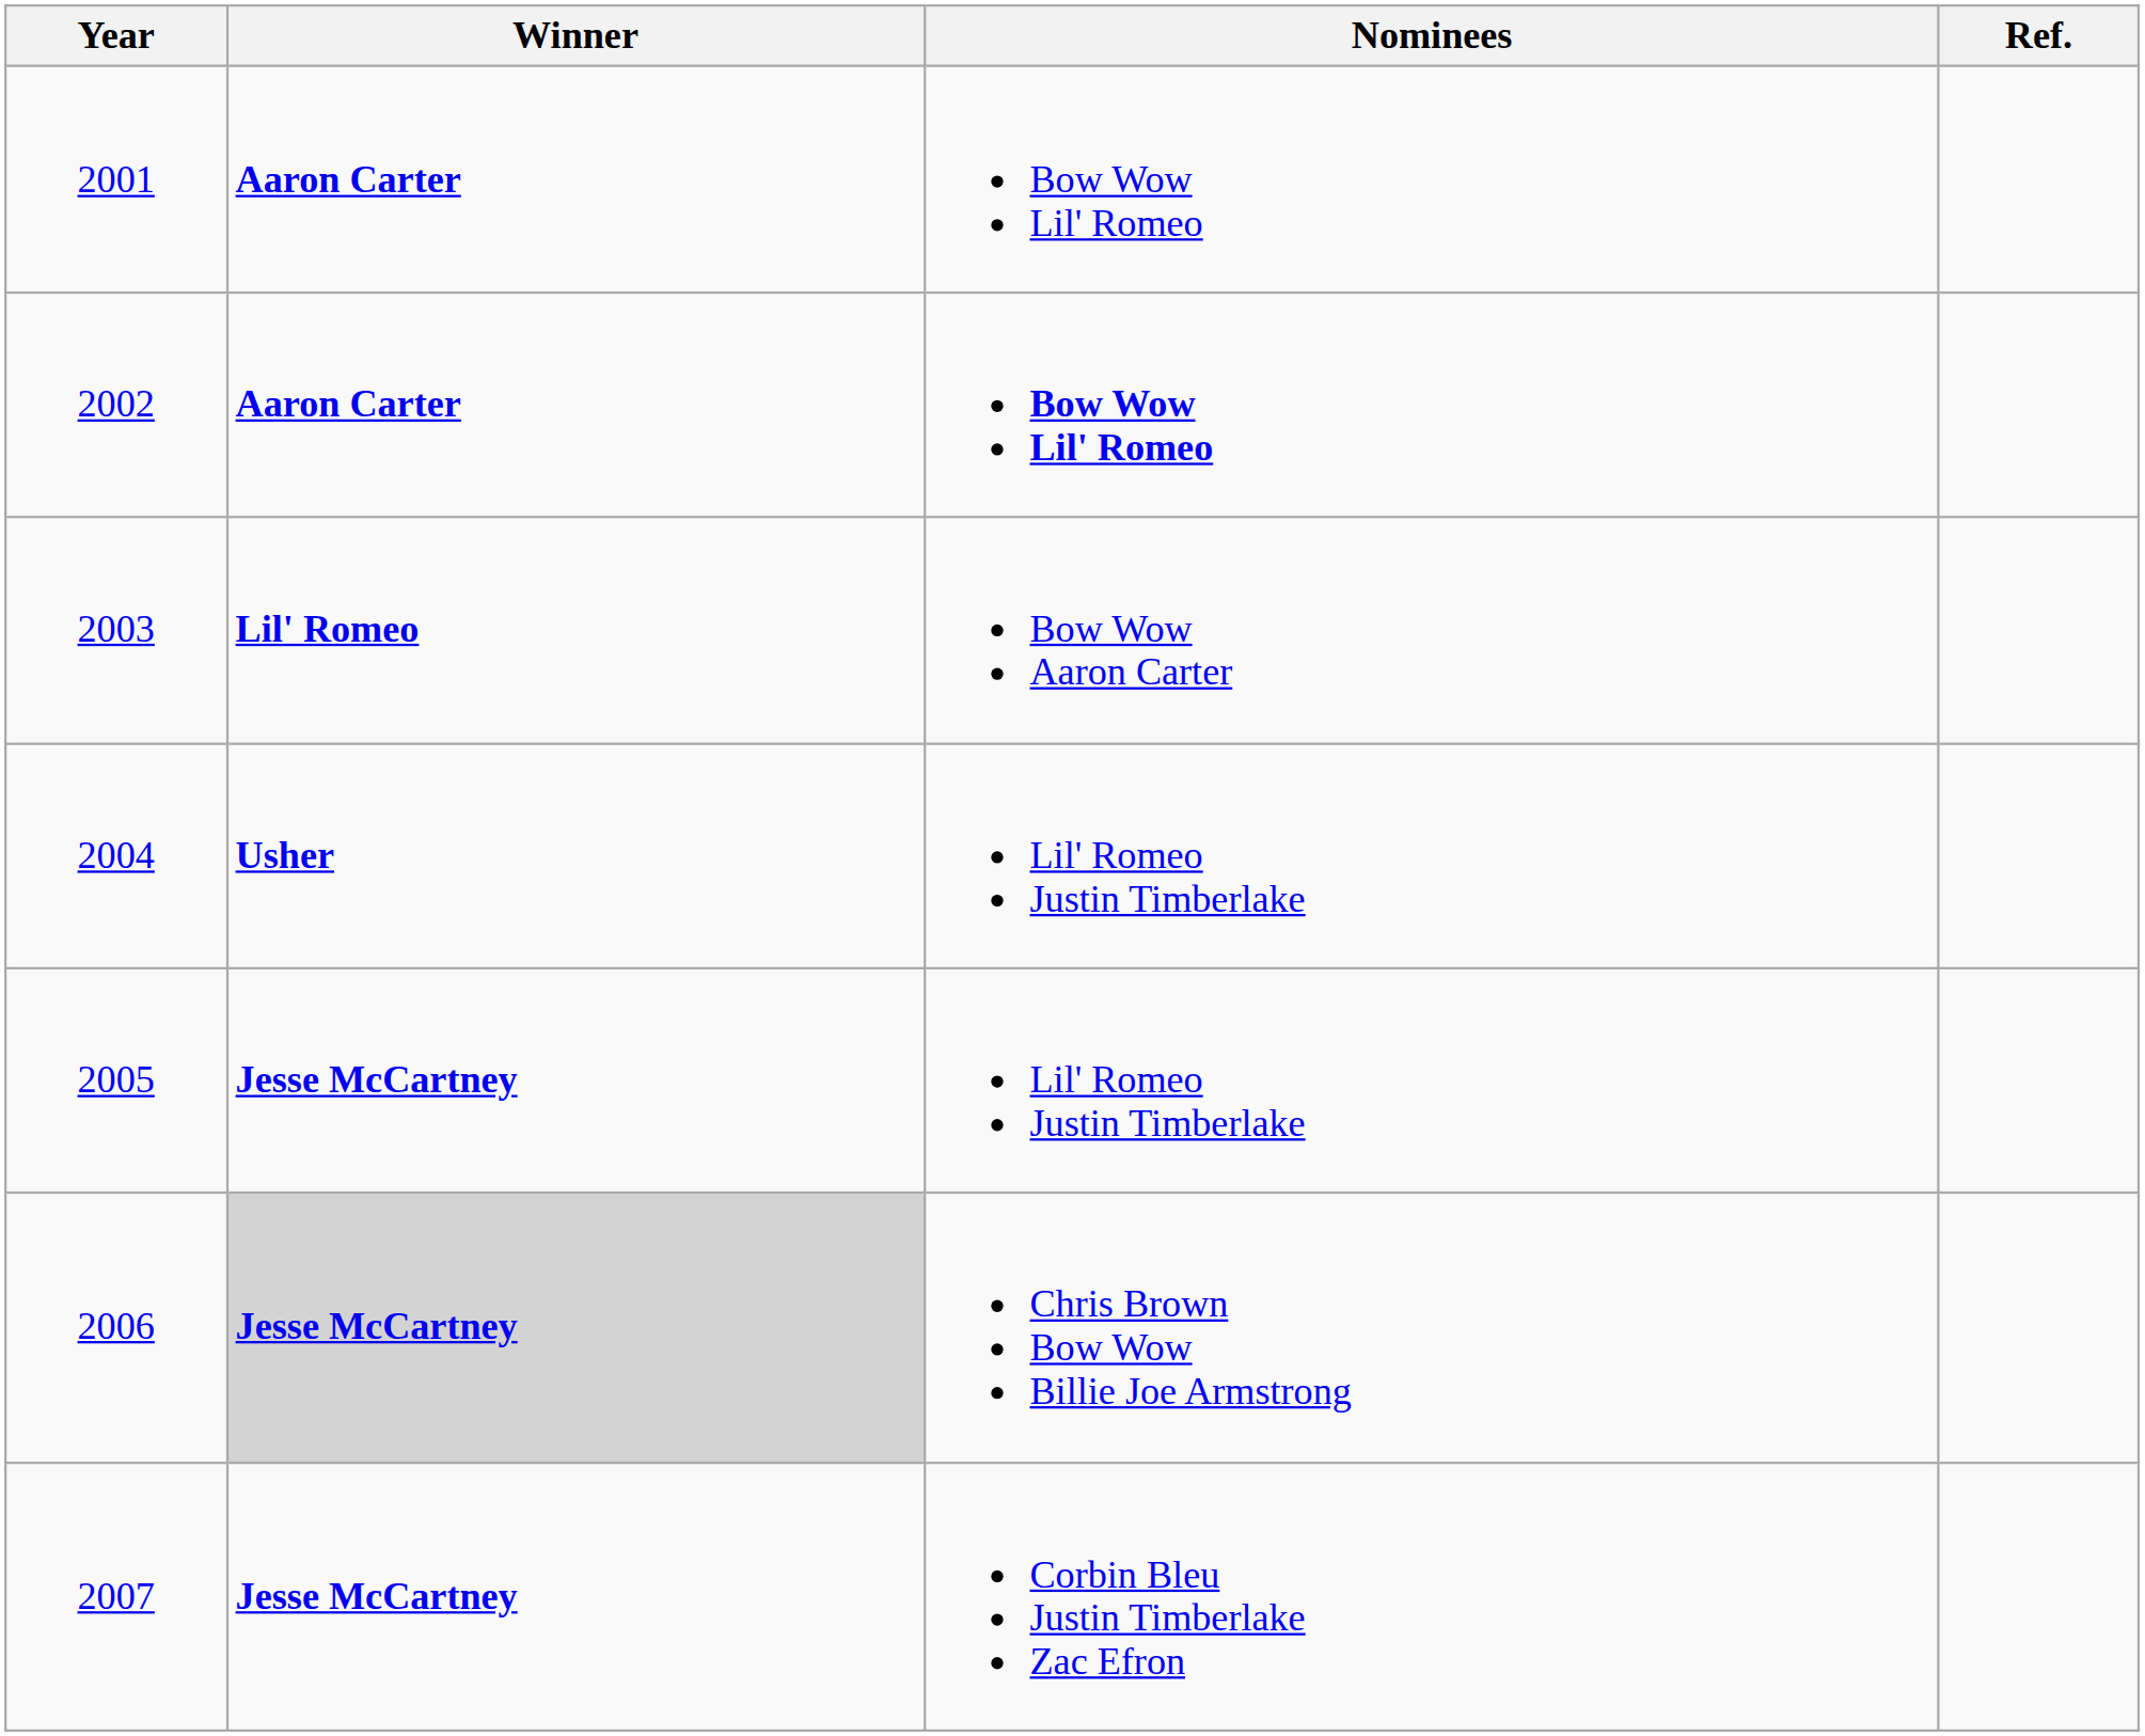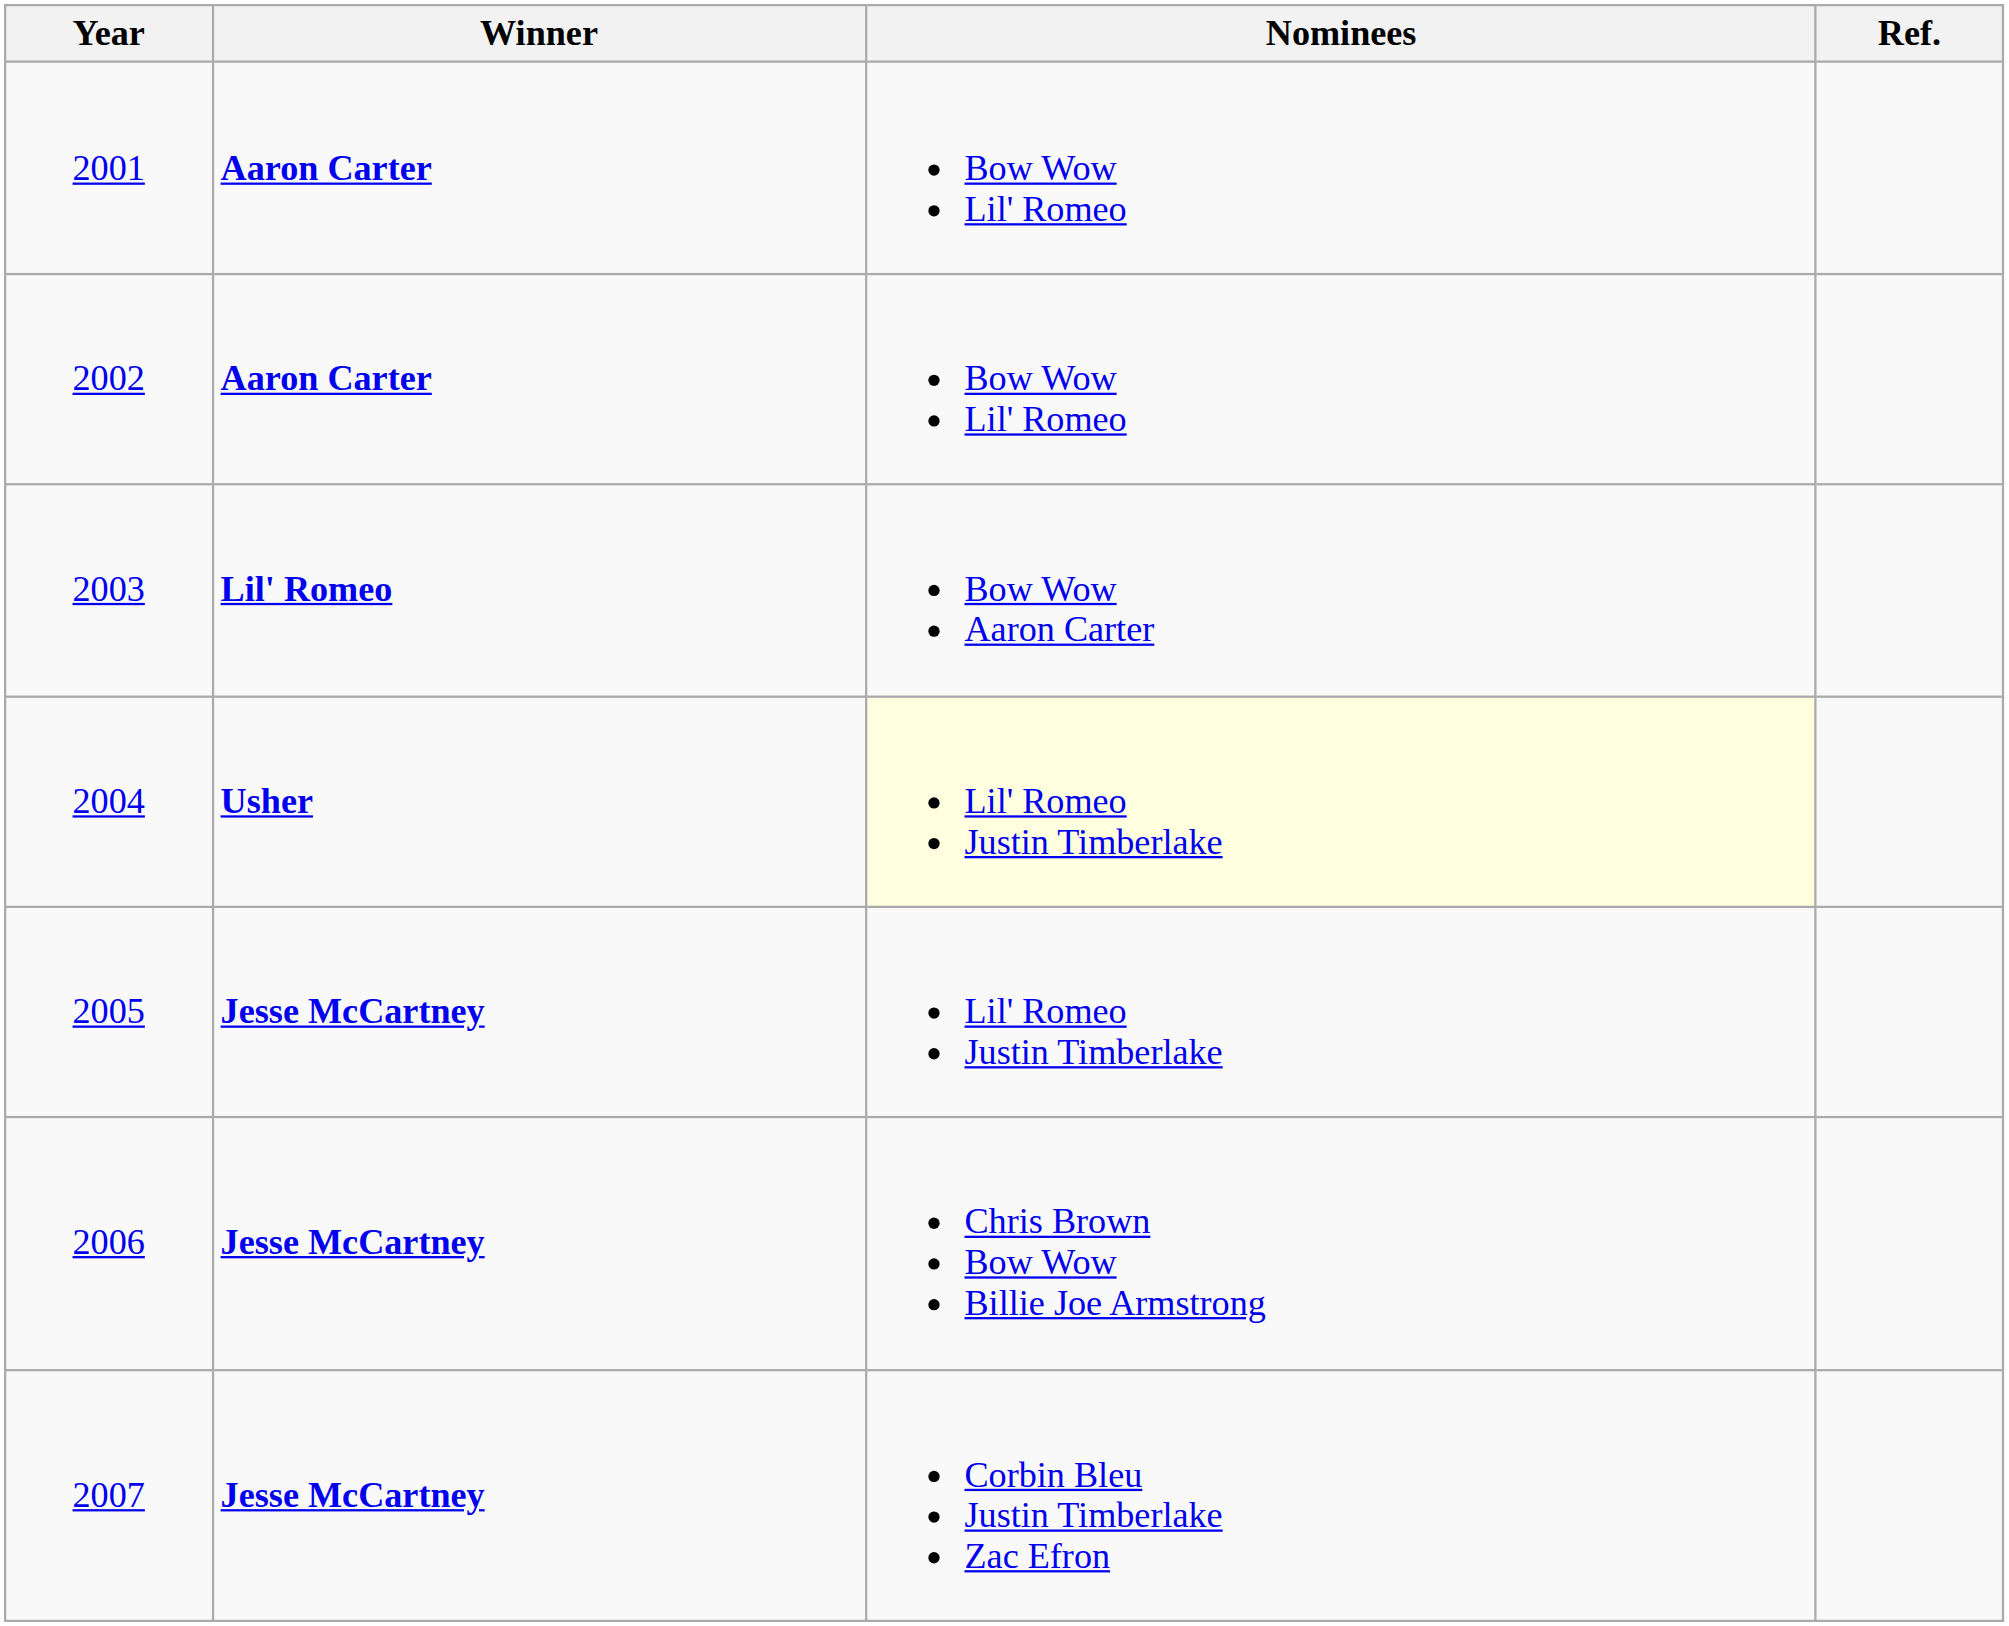 <table class="wikitable" width=70%>
 <tr>
 <th>Year</th>
 <th>Winner</th>
 <th>Nominees</th>
 <th>Ref.</th>
 </tr>
 <tr>
 <td align="center"><a href='#'>2001</a></td>
 <td><strong><a href='#'>Aaron Carter</a></strong></td>
 <td><br><ul><li><a href='#'>Bow Wow</a></li><li><a href='#'>Lil' Romeo</a></li></ul></td>
 <td align="center"></td>
 </tr>
 <tr>
 <td align="center"><a href='#'>2002</a></td>
 <td><strong><a href='#'>Aaron Carter</a></strong></td>
-<td><strong><br><ul><li><a href='#'>Bow Wow</a></li><li><a href='#'>Lil' Romeo</a></li></ul></strong></td>
+<td><br><ul><li><a href='#'>Bow Wow</a></li><li><a href='#'>Lil' Romeo</a></li></ul></td>
 <td align="center"></td>
 </tr>
 <tr>
 <td align="center"><a href='#'>2003</a></td>
 <td><strong><a href='#'>Lil' Romeo</a></strong></td>
 <td><br><ul><li><a href='#'>Bow Wow</a></li><li><a href='#'>Aaron Carter</a></li></ul></td>
 <td align="center"></td>
 </tr>
 <tr>
 <td align="center"><a href='#'>2004</a></td>
 <td><strong><a href='#'>Usher</a></strong></td>
-<td><br><ul><li><a href='#'>Lil' Romeo</a></li><li><a href='#'>Justin Timberlake</a></li></ul></td>
+<td style="background: lightyellow;"><br><ul><li><a href='#'>Lil' Romeo</a></li><li><a href='#'>Justin Timberlake</a></li></ul></td>
 <td align="center"></td>
 </tr>
 <tr>
 <td align="center"><a href='#'>2005</a></td>
 <td><strong><a href='#'>Jesse McCartney</a></strong></td>
 <td><br><ul><li><a href='#'>Lil' Romeo</a></li><li><a href='#'>Justin Timberlake</a></li></ul></td>
 <td align="center"></td>
 </tr>
 <tr>
 <td align="center"><a href='#'>2006</a></td>
-<td style="background: lightgrey;"><strong><a href='#'>Jesse McCartney</a></strong></td>
+<td><strong><a href='#'>Jesse McCartney</a></strong></td>
 <td><br><ul><li><a href='#'>Chris Brown</a></li><li><a href='#'>Bow Wow</a></li><li><a href='#'>Billie Joe Armstrong</a></li></ul></td>
 <td align="center"></td>
 </tr>
 <tr>
 <td align="center"><a href='#'>2007</a></td>
 <td><strong><a href='#'>Jesse McCartney</a></strong></td>
 <td><br><ul><li><a href='#'>Corbin Bleu</a></li><li><a href='#'>Justin Timberlake</a></li><li><a href='#'>Zac Efron</a></li></ul></td>
 <td align="center"></td>
 </tr>
 <tr>
 </tr>
 </table>
